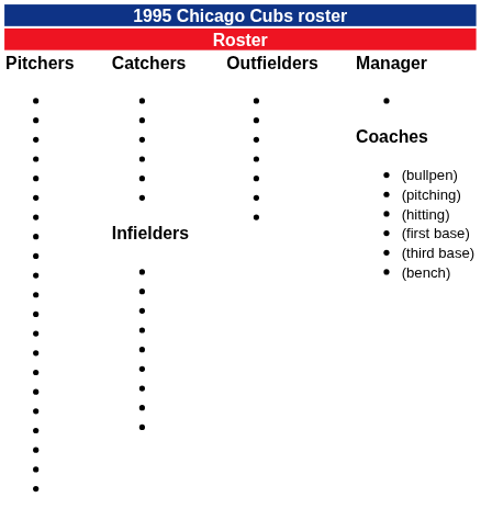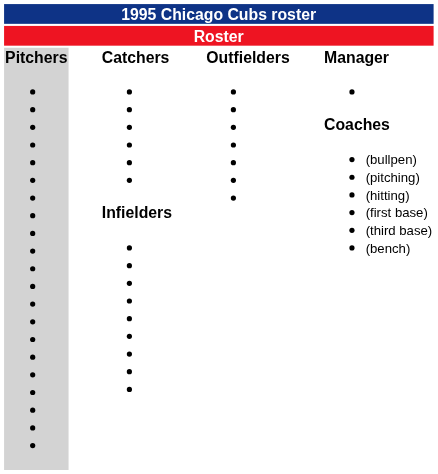 <table class="toccolours" style="font-size: 95%;">
 <tr>
 <th colspan="10" style="background-color: #0e3386; color: #FFFFFF; text-align: center;">1995 Chicago Cubs roster</th>
 </tr>
 <tr>
 <td colspan="7" style="background-color: #EE1422; color: #FFFFFF; text-align: center;"><strong>Roster</strong></td>
 </tr>
 <tr>
-<td valign="top"><strong>Pitchers</strong><br><ul><li></li><li></li><li></li><li></li><li></li><li></li><li></li><li></li><li></li><li></li><li></li><li></li><li></li><li></li><li></li><li></li><li></li><li></li><li></li><li></li><li></li></ul></td>
+<td valign="top" style="background: lightgrey;"><strong>Pitchers</strong><br><ul><li></li><li></li><li></li><li></li><li></li><li></li><li></li><li></li><li></li><li></li><li></li><li></li><li></li><li></li><li></li><li></li><li></li><li></li><li></li><li></li><li></li></ul></td>
 <td width="25px"></td>
 <td valign="top"><strong>Catchers</strong><br><ul><li></li><li></li><li></li><li></li><li></li><li></li></ul><strong>Infielders</strong><ul><li></li><li></li><li></li><li></li><li></li><li></li><li></li><li></li><li></li></ul></td>
 <td width="25px"></td>
 <td valign="top"><strong>Outfielders</strong><br><ul><li></li><li></li><li></li><li></li><li></li><li></li><li></li></ul></td>
 <td width="25px"></td>
 <td valign="top"><strong>Manager</strong><br><ul><li></li></ul><strong>Coaches</strong><ul><li> <small>(bullpen)</small></li><li> <small>(pitching)</small></li><li> <small>(hitting)</small></li><li> <small>(first base)</small></li><li> <small>(third base)</small></li><li> <small>(bench)</small></li></ul></td>
 </tr>
 <tr>
 </tr>
 </table>
